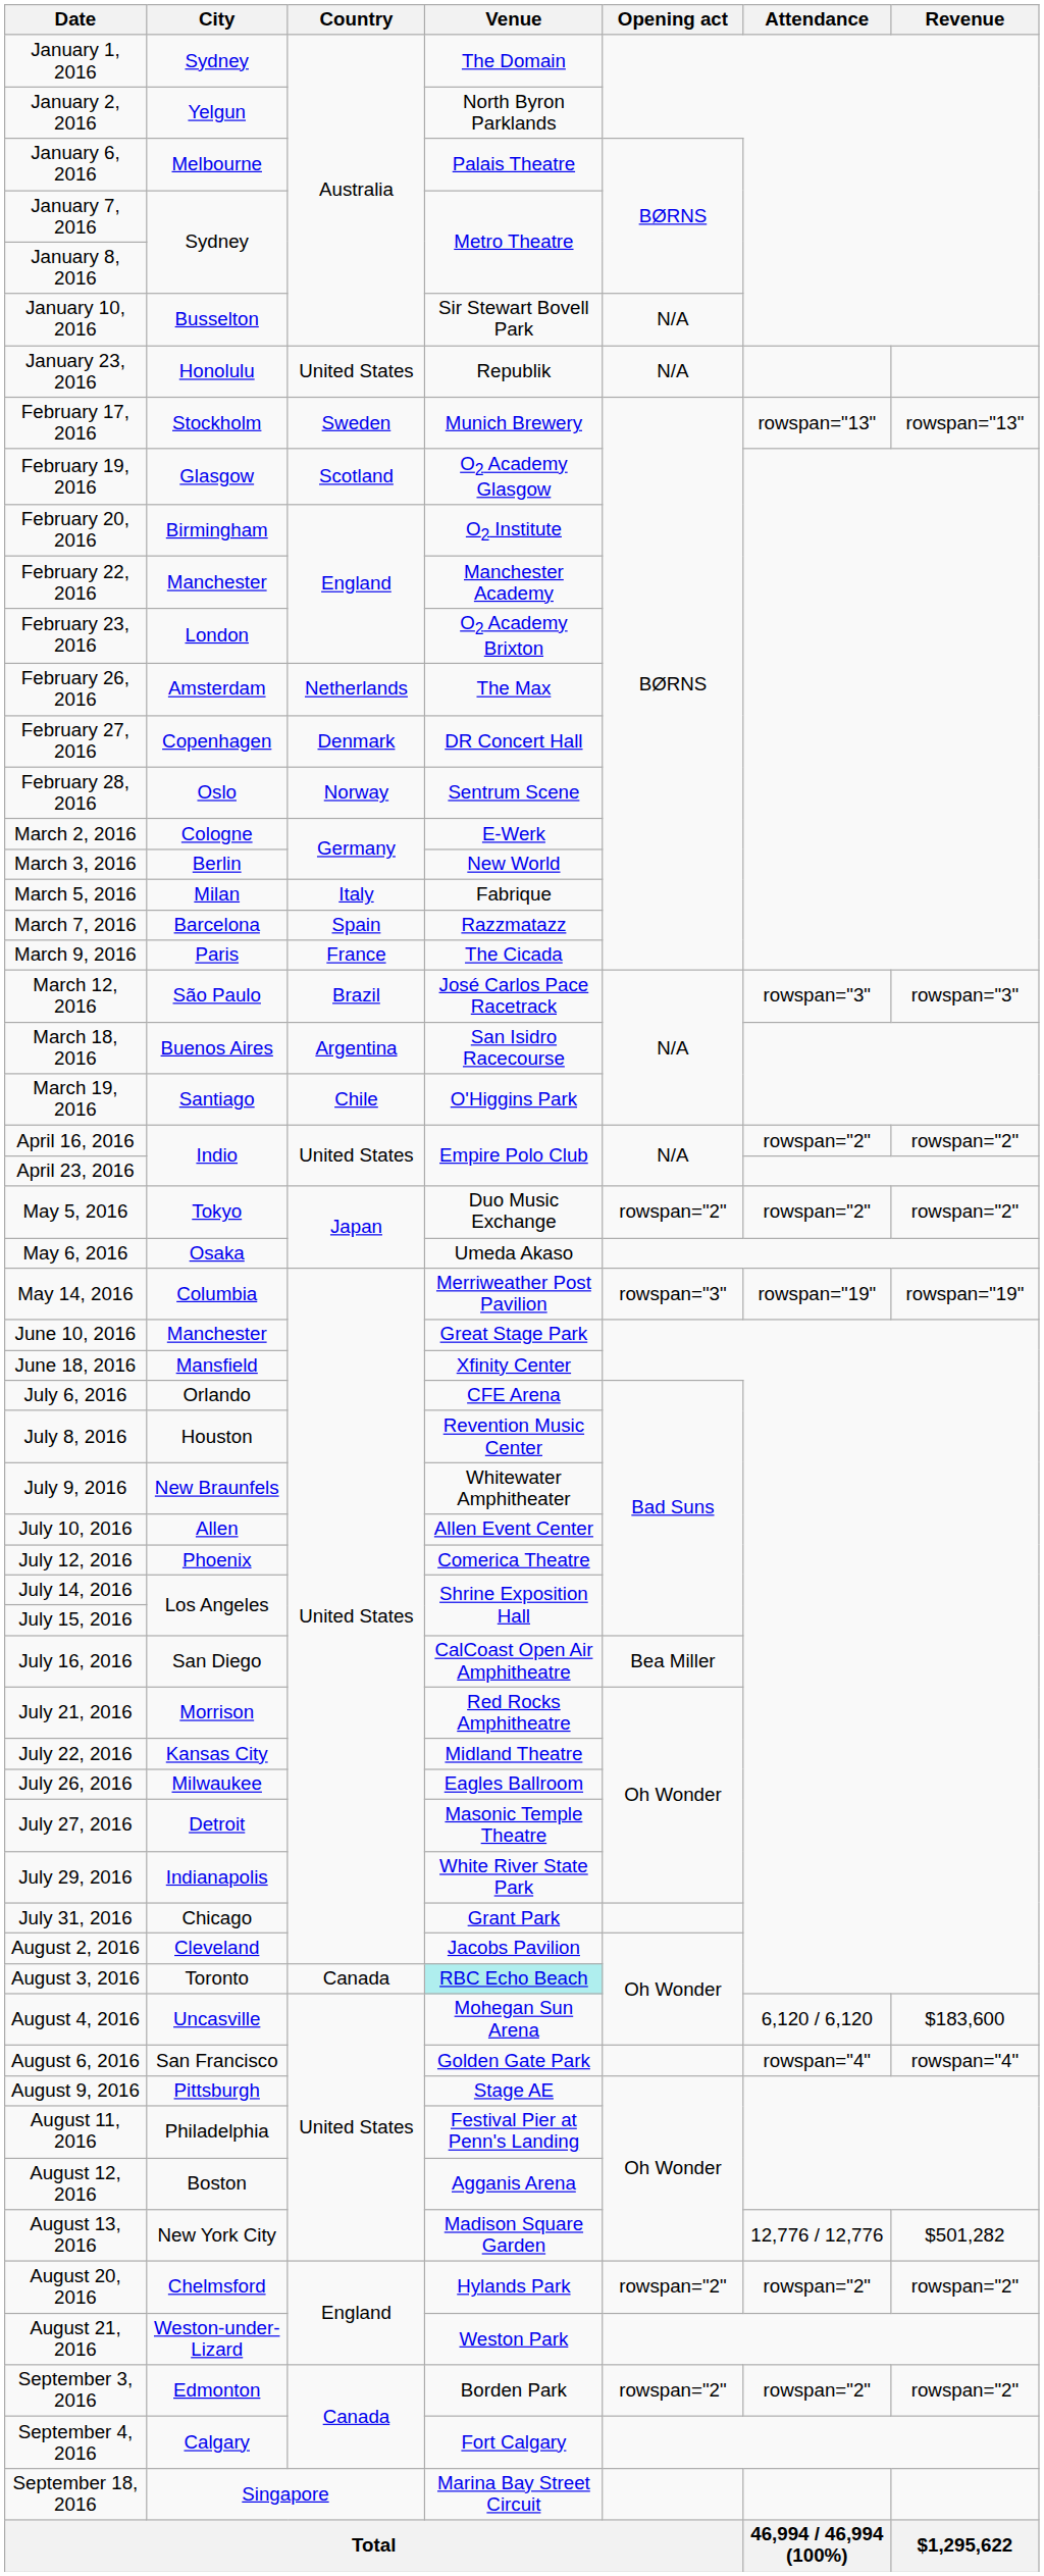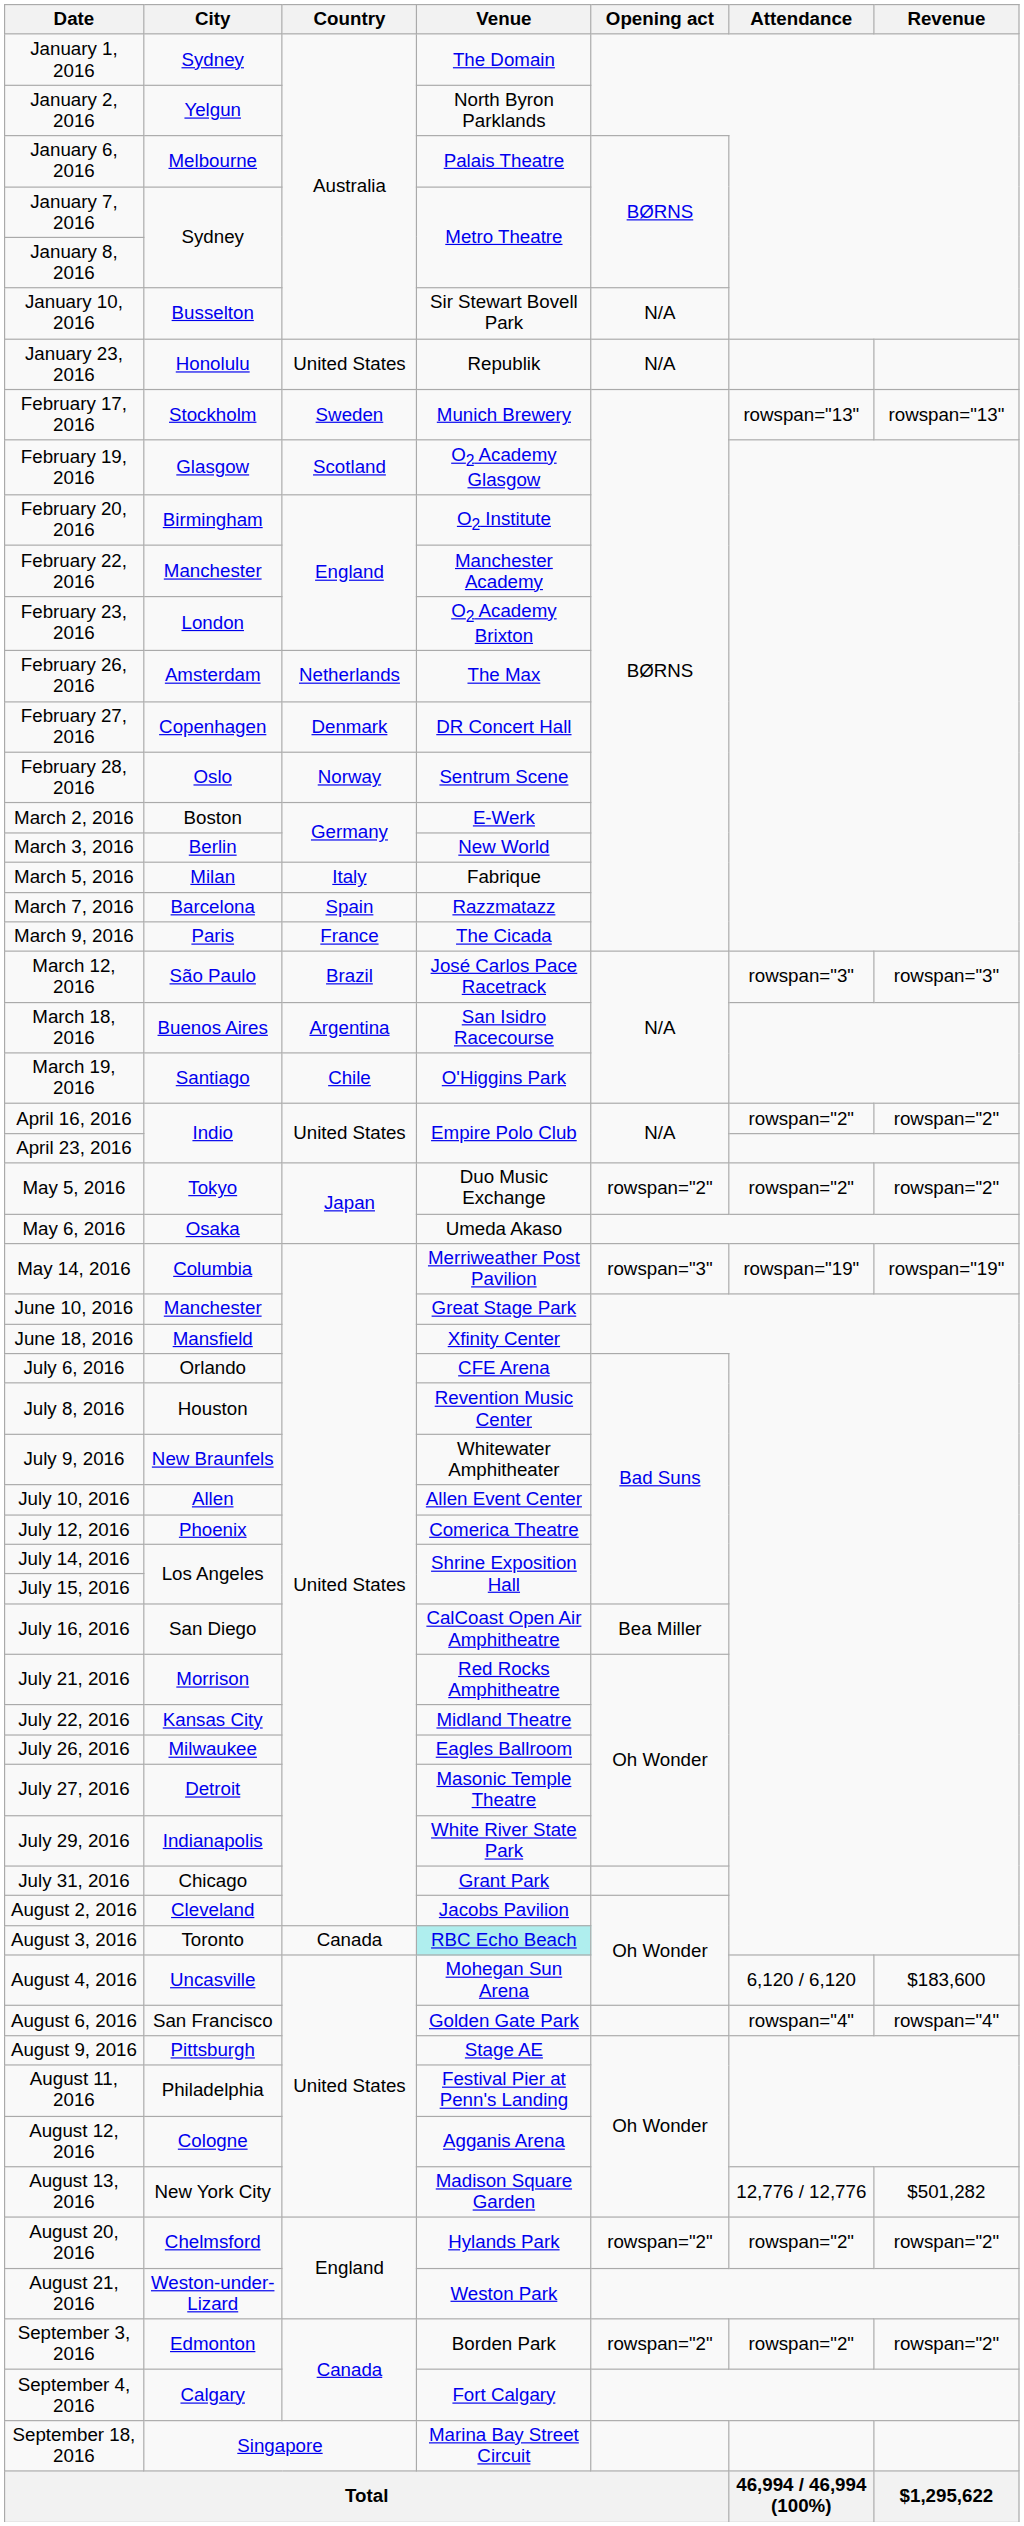 <table class="wikitable" style="text-align:center;">
 <tr>
 <th scope="col" style="width:12em;">Date</th>
 <th scope="col" style="width:10em;">City</th>
 <th scope="col" style="width:10em;">Country</th>
 <th scope="col" style="width:16em;">Venue</th>
 <th scope="col" style="width:10em;">Opening act</th>
 <th scope="col" style="width:10em;">Attendance</th>
 <th scope="col" style="width:10em;">Revenue</th>
 </tr>
 <tr>
 <td>January 1, 2016</td>
 <td><a href='#'>Sydney</a></td>
 <td rowspan="6">Australia</td>
 <td><a href='#'>The Domain</a></td>
 </tr>
 <tr>
 <td>January 2, 2016</td>
 <td><a href='#'>Yelgun</a></td>
 <td>North Byron Parklands</td>
 </tr>
 <tr>
 <td>January 6, 2016</td>
 <td><a href='#'>Melbourne</a></td>
 <td><a href='#'>Palais Theatre</a></td>
 <td rowspan="3"><a href='#'>BØRNS</a></td>
 </tr>
 <tr>
 <td>January 7, 2016</td>
 <td rowspan="2">Sydney</td>
 <td rowspan="2"><a href='#'>Metro Theatre</a></td>
 </tr>
 <tr>
 <td>January 8, 2016</td>
 </tr>
 <tr>
 <td>January 10, 2016</td>
 <td><a href='#'>Busselton</a></td>
 <td>Sir Stewart Bovell Park</td>
 <td>N/A</td>
 </tr>
 <tr>
 <td>January 23, 2016</td>
 <td><a href='#'>Honolulu</a></td>
 <td>United States</td>
 <td>Republik</td>
 <td>N/A</td>
 <td></td>
 <td></td>
 </tr>
 <tr>
 <td>February 17, 2016</td>
 <td><a href='#'>Stockholm</a></td>
 <td><a href='#'>Sweden</a></td>
 <td><a href='#'>Munich Brewery</a></td>
 <td rowspan="13">BØRNS</td>
 <td>rowspan="13" </td>
 <td>rowspan="13" </td>
 </tr>
 <tr>
 <td>February 19, 2016</td>
 <td><a href='#'>Glasgow</a></td>
 <td><a href='#'>Scotland</a></td>
 <td><a href='#'>O<sub>2</sub> Academy Glasgow</a></td>
 </tr>
 <tr>
 <td>February 20, 2016</td>
 <td><a href='#'>Birmingham</a></td>
 <td rowspan="3"><a href='#'>England</a></td>
 <td><a href='#'>O<sub>2</sub> Institute</a></td>
 </tr>
 <tr>
 <td>February 22, 2016</td>
 <td><a href='#'>Manchester</a></td>
 <td><a href='#'>Manchester Academy</a></td>
 </tr>
 <tr>
 <td>February 23, 2016</td>
 <td><a href='#'>London</a></td>
 <td><a href='#'>O<sub>2</sub> Academy Brixton</a></td>
 </tr>
 <tr Zara Larrson>
 <td>February 26, 2016</td>
 <td><a href='#'>Amsterdam</a></td>
 <td><a href='#'>Netherlands</a></td>
 <td><a href='#'>The Max</a></td>
 </tr>
 <tr>
 <td>February 27, 2016</td>
 <td><a href='#'>Copenhagen</a></td>
 <td><a href='#'>Denmark</a></td>
 <td><a href='#'>DR Concert Hall</a></td>
 </tr>
 <tr>
 <td>February 28, 2016</td>
 <td><a href='#'>Oslo</a></td>
 <td><a href='#'>Norway</a></td>
 <td><a href='#'>Sentrum Scene</a></td>
 </tr>
 <tr>
 <td>March 2, 2016</td>
-<td><a href='#'>Cologne</a></td>
+<td>Boston</td>
 <td rowspan="2"><a href='#'>Germany</a></td>
 <td><a href='#'>E-Werk</a></td>
 </tr>
 <tr>
 <td>March 3, 2016</td>
 <td><a href='#'>Berlin</a></td>
 <td><a href='#'>New World</a></td>
 </tr>
 <tr>
 <td>March 5, 2016</td>
 <td><a href='#'>Milan</a></td>
 <td><a href='#'>Italy</a></td>
 <td>Fabrique</td>
 </tr>
 <tr>
 <td>March 7, 2016</td>
 <td><a href='#'>Barcelona</a></td>
 <td><a href='#'>Spain</a></td>
 <td><a href='#'>Razzmatazz</a></td>
 </tr>
 <tr>
 <td>March 9, 2016</td>
 <td><a href='#'>Paris</a></td>
 <td><a href='#'>France</a></td>
 <td><a href='#'>The Cicada</a></td>
 </tr>
 <tr>
 <td>March 12, 2016</td>
 <td><a href='#'>São Paulo</a></td>
 <td><a href='#'>Brazil</a></td>
 <td><a href='#'>José Carlos Pace Racetrack</a></td>
 <td rowspan="3">N/A</td>
 <td>rowspan="3" </td>
 <td>rowspan="3" </td>
 </tr>
 <tr>
 <td>March 18, 2016</td>
 <td><a href='#'>Buenos Aires</a></td>
 <td><a href='#'>Argentina</a></td>
 <td><a href='#'>San Isidro Racecourse</a></td>
 </tr>
 <tr>
 <td>March 19, 2016</td>
 <td><a href='#'>Santiago</a></td>
 <td><a href='#'>Chile</a></td>
 <td><a href='#'>O'Higgins Park</a></td>
 </tr>
 <tr>
 <td>April 16, 2016</td>
 <td rowspan="2"><a href='#'>Indio</a></td>
 <td rowspan="2">United States</td>
 <td rowspan="2"><a href='#'>Empire Polo Club</a></td>
 <td rowspan="2">N/A</td>
 <td>rowspan="2" </td>
 <td>rowspan="2" </td>
 </tr>
 <tr>
 <td>April 23, 2016</td>
 </tr>
 <tr>
 <td>May 5, 2016</td>
 <td><a href='#'>Tokyo</a></td>
 <td rowspan="2"><a href='#'>Japan</a></td>
 <td>Duo Music Exchange</td>
 <td>rowspan="2" </td>
 <td>rowspan="2" </td>
 <td>rowspan="2" </td>
 </tr>
 <tr>
 <td>May 6, 2016</td>
 <td><a href='#'>Osaka</a></td>
 <td>Umeda Akaso</td>
 </tr>
 <tr>
 <td>May 14, 2016</td>
 <td><a href='#'>Columbia</a></td>
 <td rowspan="18">United States</td>
 <td><a href='#'>Merriweather Post Pavilion</a></td>
 <td>rowspan="3" </td>
 <td>rowspan="19" </td>
 <td>rowspan="19" </td>
 </tr>
 <tr>
 <td>June 10, 2016</td>
 <td><a href='#'>Manchester</a></td>
 <td><a href='#'>Great Stage Park</a></td>
 </tr>
 <tr>
 <td>June 18, 2016</td>
 <td><a href='#'>Mansfield</a></td>
 <td><a href='#'>Xfinity Center</a></td>
 </tr>
 <tr>
 <td>July 6, 2016</td>
 <td>Orlando</td>
 <td><a href='#'>CFE Arena</a></td>
 <td rowspan="7"><a href='#'>Bad Suns</a></td>
 </tr>
 <tr>
 <td>July 8, 2016</td>
 <td>Houston</td>
 <td><a href='#'>Revention Music Center</a></td>
 </tr>
 <tr>
 <td>July 9, 2016</td>
 <td><a href='#'>New Braunfels</a></td>
 <td>Whitewater Amphitheater</td>
 </tr>
 <tr>
 <td>July 10, 2016</td>
 <td><a href='#'>Allen</a></td>
 <td><a href='#'>Allen Event Center</a></td>
 </tr>
 <tr>
 <td>July 12, 2016</td>
 <td><a href='#'>Phoenix</a></td>
 <td><a href='#'>Comerica Theatre</a></td>
 </tr>
 <tr>
 <td>July 14, 2016</td>
 <td rowspan="2">Los Angeles</td>
 <td rowspan="2"><a href='#'>Shrine Exposition Hall</a></td>
 </tr>
 <tr>
 <td>July 15, 2016</td>
 </tr>
 <tr>
 <td>July 16, 2016</td>
 <td>San Diego</td>
 <td><a href='#'>CalCoast Open Air Amphitheatre</a></td>
 <td>Bea Miller</td>
 </tr>
 <tr>
 <td>July 21, 2016</td>
 <td><a href='#'>Morrison</a></td>
 <td><a href='#'>Red Rocks Amphitheatre</a></td>
 <td rowspan="5">Oh Wonder</td>
 </tr>
 <tr>
 <td>July 22, 2016</td>
 <td><a href='#'>Kansas City</a></td>
 <td><a href='#'>Midland Theatre</a></td>
 </tr>
 <tr>
 <td>July 26, 2016</td>
 <td><a href='#'>Milwaukee</a></td>
 <td><a href='#'>Eagles Ballroom</a></td>
 </tr>
 <tr>
 <td>July 27, 2016</td>
 <td><a href='#'>Detroit</a></td>
 <td><a href='#'>Masonic Temple Theatre</a></td>
 </tr>
 <tr>
 <td>July 29, 2016</td>
 <td><a href='#'>Indianapolis</a></td>
 <td><a href='#'>White River State Park</a></td>
 </tr>
 <tr>
 <td>July 31, 2016</td>
 <td>Chicago</td>
 <td><a href='#'>Grant Park</a></td>
 <td></td>
 </tr>
 <tr>
 <td>August 2, 2016</td>
 <td><a href='#'>Cleveland</a></td>
 <td><a href='#'>Jacobs Pavilion</a></td>
 <td rowspan="3">Oh Wonder</td>
 </tr>
 <tr>
 <td>August 3, 2016</td>
 <td>Toronto</td>
 <td>Canada</td>
 <td style="background: paleturquoise;"><a href='#'>RBC Echo Beach</a></td>
 </tr>
 <tr>
 <td>August 4, 2016</td>
 <td><a href='#'>Uncasville</a></td>
 <td rowspan="6">United States</td>
 <td><a href='#'>Mohegan Sun Arena</a></td>
 <td>6,120 / 6,120</td>
 <td>$183,600</td>
 </tr>
 <tr>
 <td>August 6, 2016</td>
 <td>San Francisco</td>
 <td><a href='#'>Golden Gate Park</a></td>
 <td></td>
 <td>rowspan="4" </td>
 <td>rowspan="4" </td>
 </tr>
 <tr>
 <td>August 9, 2016</td>
 <td><a href='#'>Pittsburgh</a></td>
 <td><a href='#'>Stage AE</a></td>
 <td rowspan="4">Oh Wonder</td>
 </tr>
 <tr>
 <td>August 11, 2016</td>
 <td>Philadelphia</td>
 <td><a href='#'>Festival Pier at Penn's Landing</a></td>
 </tr>
 <tr>
 <td>August 12, 2016</td>
-<td>Boston</td>
+<td><a href='#'>Cologne</a></td>
 <td><a href='#'>Agganis Arena</a></td>
 </tr>
 <tr>
 <td>August 13, 2016</td>
 <td>New York City</td>
 <td><a href='#'>Madison Square Garden</a></td>
 <td>12,776 / 12,776</td>
 <td>$501,282</td>
 </tr>
 <tr>
 <td>August 20, 2016</td>
 <td><a href='#'>Chelmsford</a></td>
 <td rowspan="2">England</td>
 <td><a href='#'>Hylands Park</a></td>
 <td>rowspan="2" </td>
 <td>rowspan="2" </td>
 <td>rowspan="2" </td>
 </tr>
 <tr>
 <td>August 21, 2016</td>
 <td><a href='#'>Weston-under-Lizard</a></td>
 <td><a href='#'>Weston Park</a></td>
 </tr>
 <tr>
 <td>September 3, 2016</td>
 <td><a href='#'>Edmonton</a></td>
 <td rowspan="2"><a href='#'>Canada</a></td>
 <td>Borden Park</td>
 <td>rowspan="2" </td>
 <td>rowspan="2" </td>
 <td>rowspan="2" </td>
 </tr>
 <tr>
 <td>September 4, 2016</td>
 <td><a href='#'>Calgary</a></td>
 <td><a href='#'>Fort Calgary</a></td>
 </tr>
 <tr>
 <td>September 18, 2016</td>
 <td colspan="2"><a href='#'>Singapore</a></td>
 <td><a href='#'>Marina Bay Street Circuit</a></td>
 <td></td>
 <td></td>
 <td></td>
 </tr>
 <tr>
 <th colspan="5">Total</th>
 <th>46,994 / 46,994 (100%)</th>
 <th>$1,295,622</th>
 </tr>
 </table>
